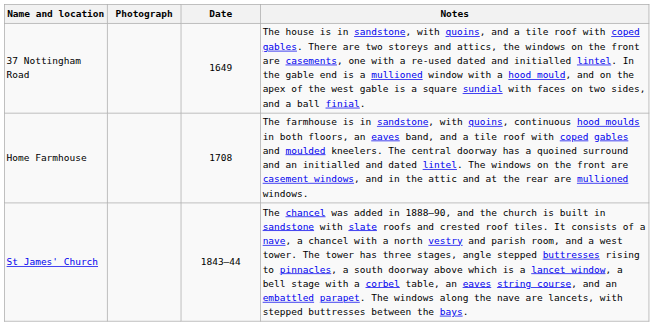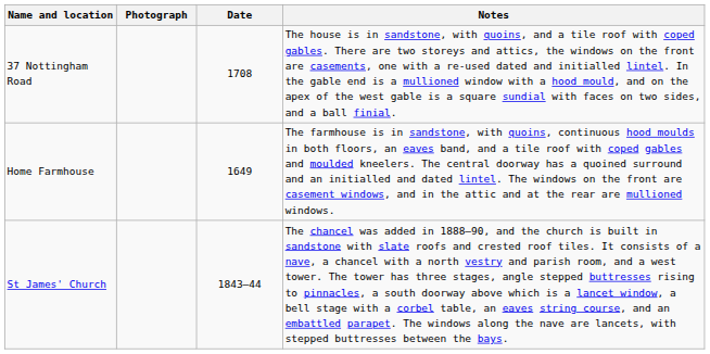 <table class="wikitable sortable plainrowheaders" style="width:100%;border:0px;text-align:left;line-height:150%;">
 <tr>
 <th scope="col"  style="width:150px">Name and location</th>
 <th scope="col"  style="width:100px" class="unsortable">Photograph</th>
 <th scope="col"  style="width:120px">Date</th>
 <th scope="col"  style="width:650px" class="unsortable">Notes</th>
 </tr>
 <tr>
 <td>37 Nottingham Road<br><small></small></td>
 <td></td>
-<td align="center">1649</td>
+<td align="center">1708</td>
 <td>The house is in <a href='#'>sandstone</a>, with <a href='#'>quoins</a>, and a tile roof with <a href='#'>coped</a> <a href='#'>gables</a>.   There are two storeys and attics, the windows on the front are <a href='#'>casements</a>, one with a re-used dated and initialled <a href='#'>lintel</a>.  In the gable end is a <a href='#'>mullioned</a> window with a <a href='#'>hood mould</a>, and on the apex of the west gable is a square <a href='#'>sundial</a> with faces on two sides, and a ball <a href='#'>finial</a>.</td>
 </tr>
 <tr>
 <td>Home Farmhouse<br><small></small></td>
 <td></td>
-<td align="center">1708</td>
+<td align="center">1649</td>
 <td>The farmhouse is in <a href='#'>sandstone</a>, with <a href='#'>quoins</a>, continuous <a href='#'>hood moulds</a> in both floors, an <a href='#'>eaves</a> band, and a tile roof with <a href='#'>coped</a> <a href='#'>gables</a> and <a href='#'>moulded</a> kneelers.  The central doorway has a quoined surround and an initialled and dated <a href='#'>lintel</a>.  The windows on the front are <a href='#'>casement windows</a>, and in the attic and at the rear are <a href='#'>mullioned</a> windows.</td>
 </tr>
 <tr>
 <td><a href='#'>St James' Church</a><br><small></small></td>
 <td></td>
 <td align="center">1843–44</td>
 <td>The <a href='#'>chancel</a> was added in 1888–90, and the church is built in <a href='#'>sandstone</a> with <a href='#'>slate</a> roofs and crested roof tiles.  It consists of a <a href='#'>nave</a>, a chancel with a north <a href='#'>vestry</a> and parish room, and a west tower.  The tower has three stages, angle stepped <a href='#'>buttresses</a> rising to <a href='#'>pinnacles</a>, a south doorway above which is a <a href='#'>lancet window</a>, a bell stage with a <a href='#'>corbel</a> table, an <a href='#'>eaves</a> <a href='#'>string course</a>, and an <a href='#'>embattled</a> <a href='#'>parapet</a>.  The windows along the nave are lancets, with stepped buttresses between the <a href='#'>bays</a>.</td>
 </tr>
 <tr>
 </tr>
 </table>
